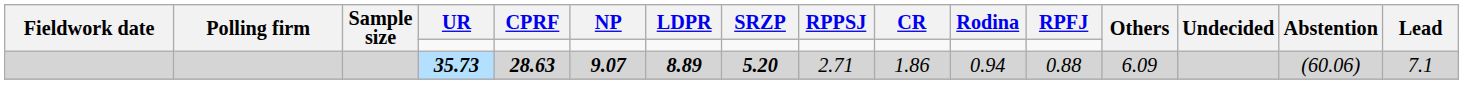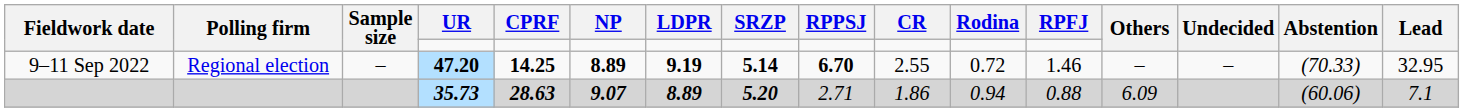 <table class=wikitable style="font-size:95%; line-height:14px; text-align:center">
 <tr>
 <th style=width:120px; rowspan=2>Fieldwork date</th>
 <th style=width:120px; rowspan=2>Polling firm</th>
 <th style=width:50px; rowspan=2>Sample<br>size</th>
 <th style="width:50px;"><a href='#'>UR</a></th>
 <th style="width:50px;"><a href='#'>CPRF</a></th>
 <th style="width:50px;"><a href='#'>NP</a></th>
 <th style="width:50px;"><a href='#'>LDPR</a></th>
 <th style="width:50px;"><a href='#'>SRZP</a></th>
 <th style="width:50px;"><a href='#'>RPPSJ</a></th>
 <th style="width:50px;"><a href='#'>CR</a></th>
 <th style="width:50px;"><a href='#'>Rodina</a></th>
 <th style="width:50px;"><a href='#'>RPFJ</a></th>
 <th style="width:50px;" rowspan=2>Others</th>
 <th style="width:50px;" rowspan=2>Undecided</th>
 <th style="width:50px;" rowspan=2>Abstention</th>
 <th style="width:50px;" rowspan="2">Lead</th>
 </tr>
 <tr>
 <td bgcolor=></td>
 <td bgcolor=></td>
 <td bgcolor=></td>
 <td bgcolor=></td>
 <td bgcolor=></td>
 <td bgcolor=></td>
 <td bgcolor=></td>
 <td bgcolor=></td>
 <td bgcolor=></td>
 </tr>
+<tr>
+<td>9–11 Sep 2022</td>
+<td><a href='#'>Regional election</a></td>
+<td>–</td>
+<td style="background:#B3E0FF"><strong>47.20</strong></td>
+<td><strong>14.25</strong></td>
+<td><strong>8.89</strong></td>
+<td><strong>9.19</strong></td>
+<td><strong>5.14</strong></td>
+<td><strong>6.70</strong></td>
+<td>2.55</td>
+<td>0.72</td>
+<td>1.46</td>
+<td>–</td>
+<td>–</td>
+<td><em>(70.33)</em></td>
+<td style="background:">32.95</td>
+</tr>
 <tr style="background:#D5D5D5">
 <td></td>
 <td></td>
 <td></td>
 <td style="background:#B3E0FF"><strong><em>35.73</em></strong></td>
 <td><strong><em>28.63</em></strong></td>
 <td><strong><em>9.07</em></strong></td>
 <td><strong><em>8.89</em></strong></td>
 <td><strong><em>5.20</em></strong></td>
 <td><em>2.71</em></td>
 <td><em>1.86</em></td>
 <td><em>0.94</em></td>
 <td><em>0.88</em></td>
 <td><em>6.09</em></td>
 <td></td>
 <td><em>(60.06)</em></td>
 <td style="background:"><em>7.1</em></td>
 </tr>
 </table>
